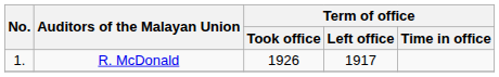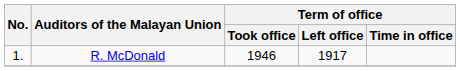 <table class="wikitable" style="text-align:center;">
 <tr style="background:#cccccc">
 <th rowspan=2>No.</th>
 <th rowspan=2>Auditors of the Malayan Union</th>
 <th colspan=3>Term of office</th>
 </tr>
 <tr>
 <th>Took office</th>
 <th>Left office</th>
 <th>Time in office</th>
 </tr>
 <tr>
 <td>1.</td>
 <td><a href='#'>R. McDonald</a></td>
-<td>1926</td>
+<td>1946</td>
 <td>1917</td>
 <td></td>
 </tr>
 <tr>
 </tr>
 </table>
